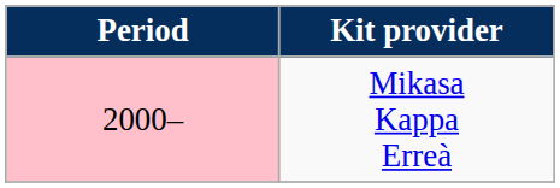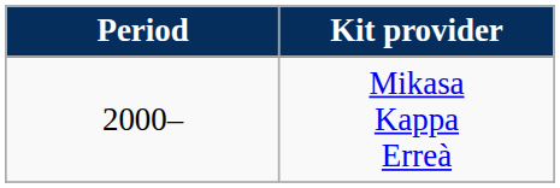 <table class="wikitable" style="text-align: center">
 <tr>
 <th style="width:8em; color:#FFFFFF; background-color:#052E5D">Period</th>
 <th style="width:8em; color:#FFFFFF; background-color:#052E5D">Kit provider</th>
 </tr>
 <tr>
-<td style="background: pink;">2000–</td>
+<td>2000–</td>
 <td><a href='#'>Mikasa</a><br><a href='#'>Kappa</a><br><a href='#'>Erreà</a></td>
 </tr>
 </table>
